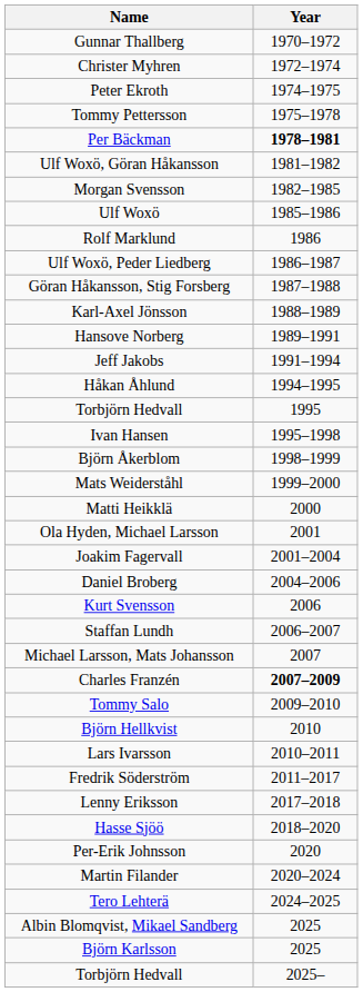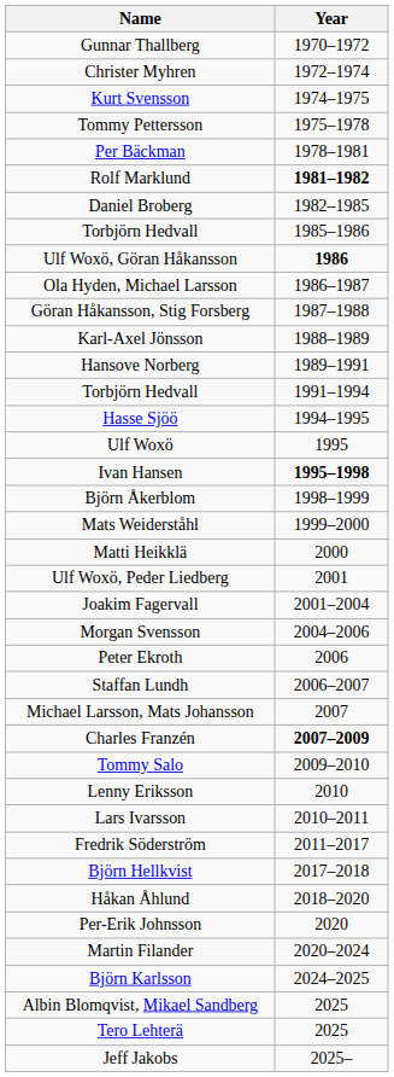 <table class="wikitable" style="text-align:center">
 <tr>
 <th width=250px>Name</th>
 <th width=100px>Year</th>
 </tr>
 <tr>
 <td>Gunnar Thallberg</td>
 <td>1970–1972</td>
 </tr>
 <tr>
 <td>Christer Myhren</td>
 <td>1972–1974</td>
 </tr>
 <tr>
-<td>Peter Ekroth</td>
+<td><a href='#'>Kurt Svensson</a></td>
 <td>1974–1975</td>
 </tr>
 <tr>
 <td>Tommy Pettersson</td>
 <td>1975–1978</td>
 </tr>
 <tr>
 <td><a href='#'>Per Bäckman</a></td>
-<td><strong>1978–1981</strong></td>
+<td>1978–1981</td>
+</tr>
+<tr>
+<td>Rolf Marklund</td>
+<td><strong>1981–1982</strong></td>
+</tr>
+<tr>
+<td>Daniel Broberg</td>
+<td>1982–1985</td>
+</tr>
+<tr>
+<td>Torbjörn Hedvall</td>
+<td>1985–1986</td>
 </tr>
 <tr>
 <td>Ulf Woxö, Göran Håkansson</td>
-<td>1981–1982</td>
+<td><strong>1986</strong></td>
 </tr>
 <tr>
-<td>Morgan Svensson</td>
-<td>1982–1985</td>
-</tr>
-<tr>
-<td>Ulf Woxö</td>
-<td>1985–1986</td>
-</tr>
-<tr>
-<td>Rolf Marklund</td>
-<td>1986</td>
-</tr>
-<tr>
-<td>Ulf Woxö, Peder Liedberg</td>
+<td>Ola Hyden, Michael Larsson</td>
 <td>1986–1987</td>
 </tr>
 <tr>
 <td>Göran Håkansson, Stig Forsberg</td>
 <td>1987–1988</td>
 </tr>
 <tr>
 <td>Karl-Axel Jönsson</td>
 <td>1988–1989</td>
 </tr>
 <tr>
 <td>Hansove Norberg</td>
 <td>1989–1991</td>
 </tr>
 <tr>
-<td>Jeff Jakobs</td>
+<td>Torbjörn Hedvall</td>
 <td>1991–1994</td>
 </tr>
 <tr>
-<td>Håkan Åhlund</td>
+<td><a href='#'>Hasse Sjöö</a></td>
 <td>1994–1995</td>
 </tr>
 <tr>
-<td>Torbjörn Hedvall</td>
+<td>Ulf Woxö</td>
 <td>1995</td>
 </tr>
 <tr>
 <td>Ivan Hansen</td>
-<td>1995–1998</td>
+<td><strong>1995–1998</strong></td>
 </tr>
 <tr>
 <td>Björn Åkerblom</td>
 <td>1998–1999</td>
 </tr>
 <tr>
 <td>Mats Weiderståhl</td>
 <td>1999–2000</td>
 </tr>
 <tr>
 <td>Matti Heikklä</td>
 <td>2000</td>
 </tr>
 <tr>
-<td>Ola Hyden, Michael Larsson</td>
+<td>Ulf Woxö, Peder Liedberg</td>
 <td>2001</td>
 </tr>
 <tr>
 <td>Joakim Fagervall</td>
 <td>2001–2004</td>
 </tr>
 <tr>
-<td>Daniel Broberg</td>
+<td>Morgan Svensson</td>
 <td>2004–2006</td>
 </tr>
 <tr>
-<td><a href='#'>Kurt Svensson</a></td>
+<td>Peter Ekroth</td>
 <td>2006</td>
 </tr>
 <tr>
 <td>Staffan Lundh</td>
 <td>2006–2007</td>
 </tr>
 <tr>
 <td>Michael Larsson, Mats Johansson</td>
 <td>2007</td>
 </tr>
 <tr>
 <td>Charles Franzén</td>
 <td><strong>2007–2009</strong></td>
 </tr>
 <tr>
 <td><a href='#'>Tommy Salo</a></td>
 <td>2009–2010</td>
 </tr>
 <tr>
-<td><a href='#'>Björn Hellkvist</a></td>
+<td>Lenny Eriksson</td>
 <td>2010</td>
 </tr>
 <tr>
 <td>Lars Ivarsson</td>
 <td>2010–2011</td>
 </tr>
 <tr>
 <td>Fredrik Söderström</td>
 <td>2011–2017</td>
 </tr>
 <tr>
-<td>Lenny Eriksson</td>
+<td><a href='#'>Björn Hellkvist</a></td>
 <td>2017–2018</td>
 </tr>
 <tr>
-<td><a href='#'>Hasse Sjöö</a></td>
+<td>Håkan Åhlund</td>
 <td>2018–2020</td>
 </tr>
 <tr>
 <td>Per-Erik Johnsson</td>
 <td>2020</td>
 </tr>
 <tr>
 <td>Martin Filander</td>
 <td>2020–2024</td>
 </tr>
 <tr>
-<td><a href='#'>Tero Lehterä</a></td>
+<td><a href='#'>Björn Karlsson</a></td>
 <td>2024–2025</td>
 </tr>
 <tr>
 <td>Albin Blomqvist, <a href='#'>Mikael Sandberg</a></td>
 <td>2025</td>
 </tr>
 <tr>
-<td><a href='#'>Björn Karlsson</a></td>
+<td><a href='#'>Tero Lehterä</a></td>
 <td>2025</td>
 </tr>
 <tr>
-<td>Torbjörn Hedvall</td>
+<td>Jeff Jakobs</td>
 <td>2025–</td>
 </tr>
 </table>
